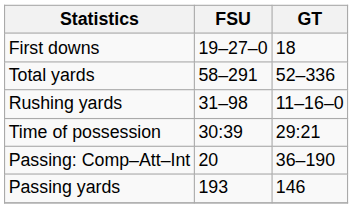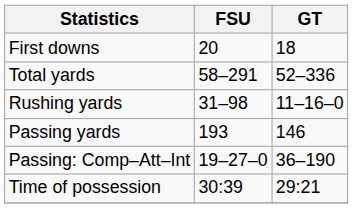 <table class="wikitable" style="float: left;">
 <tr>
 <th>Statistics</th>
 <th>FSU</th>
 <th>GT</th>
 </tr>
 <tr>
 <td>First downs</td>
-<td>19–27–0</td>
+<td>20</td>
 <td>18</td>
 </tr>
 <tr>
 <td>Total yards</td>
 <td>58–291</td>
 <td>52–336</td>
 </tr>
 <tr>
 <td>Rushing yards</td>
 <td>31–98</td>
 <td>11–16–0</td>
 </tr>
 <tr>
+<td>Passing yards</td>
+<td>193</td>
+<td>146</td>
+</tr>
+<tr>
+<td>Passing: Comp–Att–Int</td>
+<td>19–27–0</td>
+<td>36–190</td>
+</tr>
+<tr>
 <td>Time of possession</td>
 <td>30:39</td>
 <td>29:21</td>
 </tr>
 <tr>
-<td>Passing: Comp–Att–Int</td>
-<td>20</td>
-<td>36–190</td>
-</tr>
-<tr>
-<td>Passing yards</td>
-<td>193</td>
-<td>146</td>
-</tr>
-<tr>
 </tr>
 </table>
